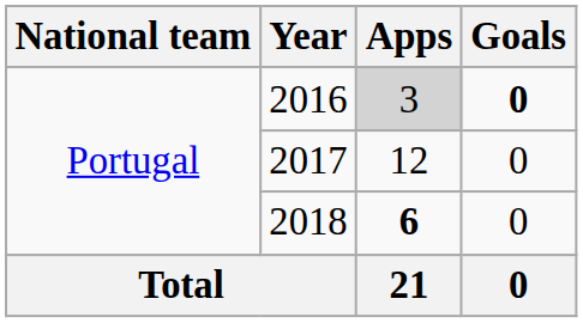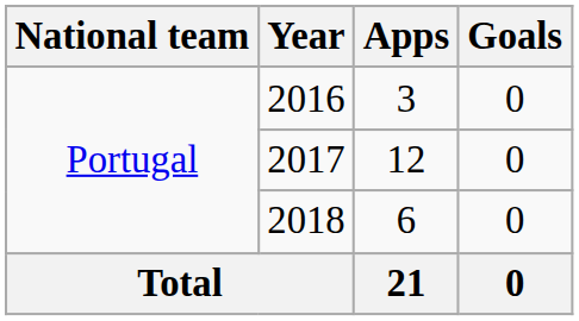 <table class="wikitable" style="text-align:center">
 <tr>
 <th>National team</th>
 <th>Year</th>
 <th>Apps</th>
 <th>Goals</th>
 </tr>
 <tr>
 <td rowspan=3><a href='#'>Portugal</a></td>
 <td>2016</td>
-<td style="background: lightgrey;">3</td>
-<td><strong>0</strong></td>
+<td>3</td>
+<td>0</td>
 </tr>
 <tr>
 <td>2017</td>
 <td>12</td>
 <td>0</td>
 </tr>
 <tr>
 <td>2018</td>
-<td><strong>6</strong></td>
+<td>6</td>
 <td>0</td>
 </tr>
 <tr>
 <th colspan=2>Total</th>
 <th>21</th>
 <th>0</th>
 </tr>
 </table>
